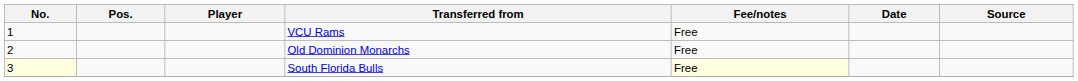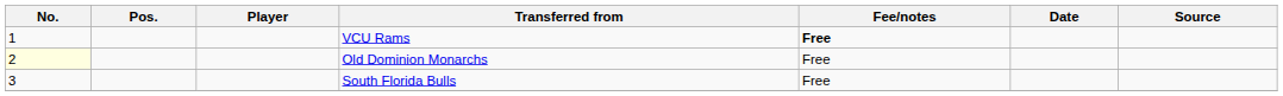 <table class="wikitable sortable" style="width:90%; text-align:center; font-size:95%; text-align:left;">
 <tr>
 <th>No.</th>
 <th>Pos.</th>
 <th>Player</th>
 <th>Transferred from</th>
 <th>Fee/notes</th>
 <th>Date</th>
 <th>Source</th>
 </tr>
 <tr>
 <td>1</td>
 <td align=center></td>
 <td></td>
 <td> <a href='#'>VCU Rams</a></td>
-<td>Free</td>
+<td><strong>Free</strong></td>
 <td></td>
 <td></td>
 </tr>
 <tr>
-<td>2</td>
+<td style="background: lightyellow;">2</td>
 <td align=center></td>
 <td></td>
 <td> <a href='#'>Old Dominion Monarchs</a></td>
 <td>Free</td>
 <td></td>
 <td></td>
 </tr>
 <tr>
-<td style="background: lightyellow;">3</td>
+<td>3</td>
 <td align=center></td>
 <td></td>
 <td> <a href='#'>South Florida Bulls</a></td>
-<td style="background: lightyellow;">Free</td>
+<td>Free</td>
 <td></td>
 <td></td>
 </tr>
 <tr>
 </tr>
 </table>
